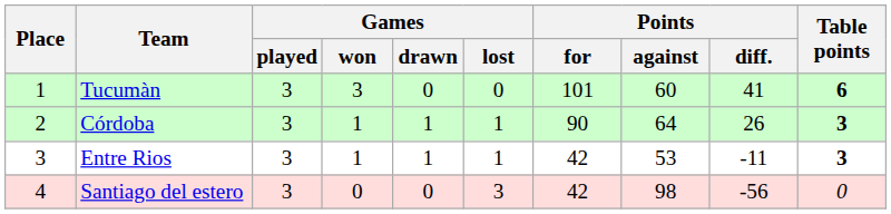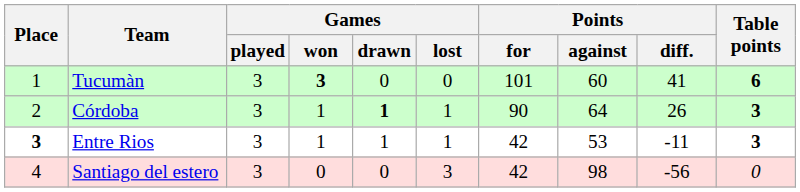 <table class="wikitable">
 <tr>
 <th rowspan=2 width="8%">Place</th>
 <th rowspan=2 width="20%">Team</th>
 <th colspan=4 width="32%">Games</th>
 <th colspan=3 width="30%">Points</th>
 <th rowspan=2 width="10%">Table<br>points</th>
 </tr>
 <tr>
 <th width="8%">played</th>
 <th width="8%">won</th>
 <th width="8%">drawn</th>
 <th width="8%">lost</th>
 <th width="10%">for</th>
 <th width="10%">against</th>
 <th width="10%">diff.</th>
 </tr>
 <tr align=center style="background: #ccffcc;">
 <td>1</td>
 <td align=left><a href='#'>Tucumàn</a></td>
 <td>3</td>
-<td>3</td>
+<td><strong>3</strong></td>
 <td>0</td>
 <td>0</td>
 <td>101</td>
 <td>60</td>
 <td>41</td>
 <td><strong>6</strong></td>
 </tr>
 <tr align=center style="background: #ccffcc;">
 <td>2</td>
 <td align=left><a href='#'>Córdoba</a></td>
 <td>3</td>
 <td>1</td>
-<td>1</td>
+<td><strong>1</strong></td>
 <td>1</td>
 <td>90</td>
 <td>64</td>
 <td>26</td>
 <td><strong>3</strong></td>
 </tr>
 <tr align=center style="background: #ffffff;">
-<td>3</td>
+<td><strong>3</strong></td>
 <td align=left><a href='#'>Entre Rios</a></td>
 <td>3</td>
 <td>1</td>
 <td>1</td>
 <td>1</td>
 <td>42</td>
 <td>53</td>
 <td>-11</td>
 <td><strong>3</strong></td>
 </tr>
 <tr align=center style="background: #ffdddd;">
 <td>4</td>
 <td align=left><a href='#'>Santiago del estero</a></td>
 <td>3</td>
 <td>0</td>
 <td>0</td>
 <td>3</td>
 <td>42</td>
 <td>98</td>
 <td>-56</td>
 <td><em>0<strong></td>
 </tr>
 </table>
